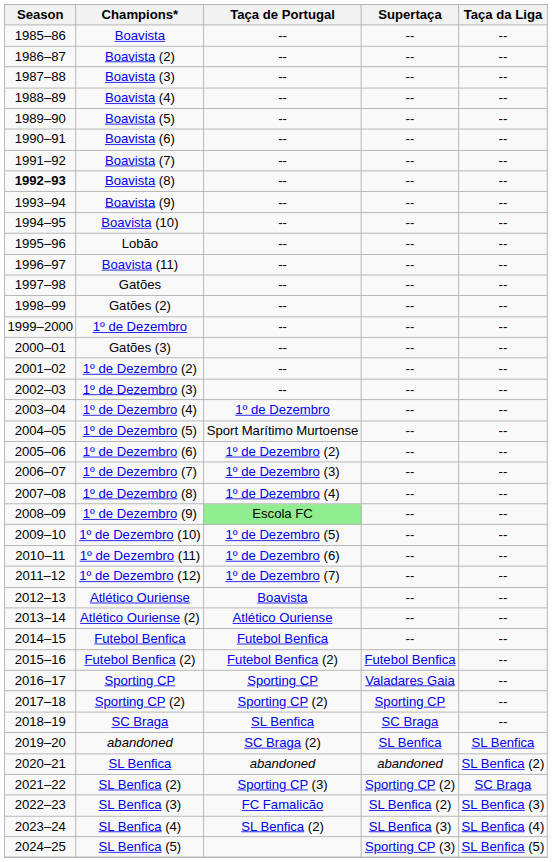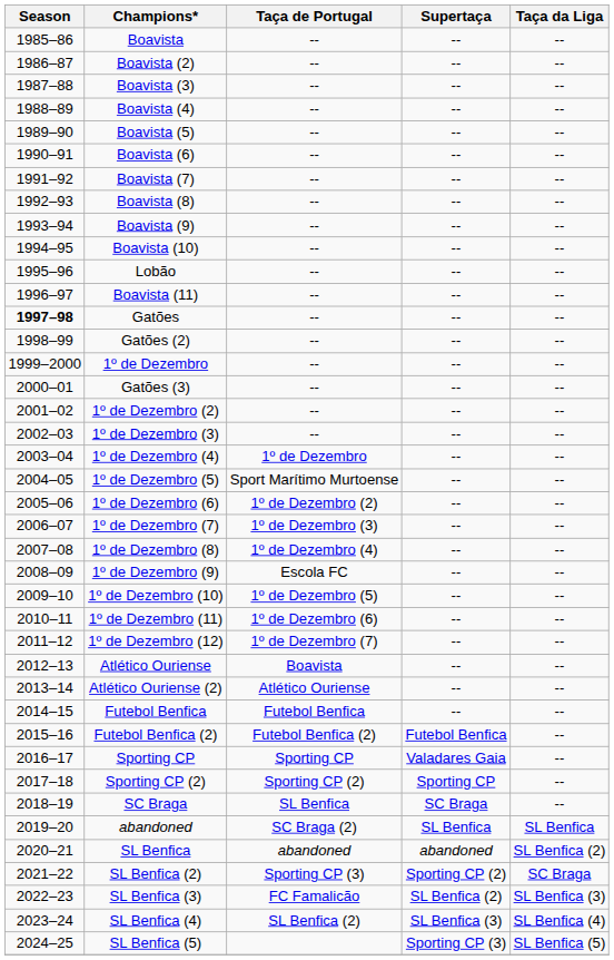 <table class="wikitable sortable" style="text-align:center;">
 <tr>
 <th>Season</th>
 <th>Champions*</th>
 <th>Taça de Portugal</th>
 <th>Supertaça</th>
 <th>Taça da Liga</th>
 </tr>
 <tr>
 <td>1985–86</td>
 <td><a href='#'>Boavista</a></td>
 <td>--</td>
 <td>--</td>
 <td>--</td>
 </tr>
 <tr>
 <td>1986–87</td>
 <td><a href='#'>Boavista</a> (2)</td>
 <td>--</td>
 <td>--</td>
 <td>--</td>
 </tr>
 <tr>
 <td>1987–88</td>
 <td><a href='#'>Boavista</a> (3)</td>
 <td>--</td>
 <td>--</td>
 <td>--</td>
 </tr>
 <tr>
 <td>1988–89</td>
 <td><a href='#'>Boavista</a> (4)</td>
 <td>--</td>
 <td>--</td>
 <td>--</td>
 </tr>
 <tr>
 <td>1989–90</td>
 <td><a href='#'>Boavista</a> (5)</td>
 <td>--</td>
 <td>--</td>
 <td>--</td>
 </tr>
 <tr>
 <td>1990–91</td>
 <td><a href='#'>Boavista</a> (6)</td>
 <td>--</td>
 <td>--</td>
 <td>--</td>
 </tr>
 <tr>
 <td>1991–92</td>
 <td><a href='#'>Boavista</a> (7)</td>
 <td>--</td>
 <td>--</td>
 <td>--</td>
 </tr>
 <tr>
-<td><strong>1992–93</strong></td>
+<td>1992–93</td>
 <td><a href='#'>Boavista</a> (8)</td>
 <td>--</td>
 <td>--</td>
 <td>--</td>
 </tr>
 <tr>
 <td>1993–94</td>
 <td><a href='#'>Boavista</a> (9)</td>
 <td>--</td>
 <td>--</td>
 <td>--</td>
 </tr>
 <tr>
 <td>1994–95</td>
 <td><a href='#'>Boavista</a> (10)</td>
 <td>--</td>
 <td>--</td>
 <td>--</td>
 </tr>
 <tr>
 <td>1995–96</td>
 <td>Lobão</td>
 <td>--</td>
 <td>--</td>
 <td>--</td>
 </tr>
 <tr>
 <td>1996–97</td>
 <td><a href='#'>Boavista</a> (11)</td>
 <td>--</td>
 <td>--</td>
 <td>--</td>
 </tr>
 <tr>
-<td>1997–98</td>
+<td><strong>1997–98</strong></td>
 <td>Gatões</td>
 <td>--</td>
 <td>--</td>
 <td>--</td>
 </tr>
 <tr>
 <td>1998–99</td>
 <td>Gatões (2)</td>
 <td>--</td>
 <td>--</td>
 <td>--</td>
 </tr>
 <tr>
 <td>1999–2000</td>
 <td><a href='#'>1º de Dezembro</a></td>
 <td>--</td>
 <td>--</td>
 <td>--</td>
 </tr>
 <tr>
 <td>2000–01</td>
 <td>Gatões (3)</td>
 <td>--</td>
 <td>--</td>
 <td>--</td>
 </tr>
 <tr>
 <td>2001–02</td>
 <td><a href='#'>1º de Dezembro</a> (2)</td>
 <td>--</td>
 <td>--</td>
 <td>--</td>
 </tr>
 <tr>
 <td>2002–03</td>
 <td><a href='#'>1º de Dezembro</a> (3)</td>
 <td>--</td>
 <td>--</td>
 <td>--</td>
 </tr>
 <tr>
 <td>2003–04</td>
 <td><a href='#'>1º de Dezembro</a> (4)</td>
 <td><a href='#'>1º de Dezembro</a></td>
 <td>--</td>
 <td>--</td>
 </tr>
 <tr>
 <td>2004–05</td>
 <td><a href='#'>1º de Dezembro</a> (5)</td>
 <td>Sport Marítimo Murtoense</td>
 <td>--</td>
 <td>--</td>
 </tr>
 <tr>
 <td>2005–06</td>
 <td><a href='#'>1º de Dezembro</a> (6)</td>
 <td><a href='#'>1º de Dezembro</a> (2)</td>
 <td>--</td>
 <td>--</td>
 </tr>
 <tr>
 <td>2006–07</td>
 <td><a href='#'>1º de Dezembro</a> (7)</td>
 <td><a href='#'>1º de Dezembro</a> (3)</td>
 <td>--</td>
 <td>--</td>
 </tr>
 <tr>
 <td>2007–08</td>
 <td><a href='#'>1º de Dezembro</a> (8)</td>
 <td><a href='#'>1º de Dezembro</a> (4)</td>
 <td>--</td>
 <td>--</td>
 </tr>
 <tr>
 <td>2008–09</td>
 <td><a href='#'>1º de Dezembro</a> (9)</td>
-<td style="background: lightgreen;">Escola FC</td>
+<td>Escola FC</td>
 <td>--</td>
 <td>--</td>
 </tr>
 <tr>
 <td>2009–10</td>
 <td><a href='#'>1º de Dezembro</a> (10)</td>
 <td><a href='#'>1º de Dezembro</a> (5)</td>
 <td>--</td>
 <td>--</td>
 </tr>
 <tr>
 <td>2010–11</td>
 <td><a href='#'>1º de Dezembro</a> (11)</td>
 <td><a href='#'>1º de Dezembro</a> (6)</td>
 <td>--</td>
 <td>--</td>
 </tr>
 <tr>
 <td>2011–12</td>
 <td><a href='#'>1º de Dezembro</a> (12)</td>
 <td><a href='#'>1º de Dezembro</a> (7)</td>
 <td>--</td>
 <td>--</td>
 </tr>
 <tr>
 <td>2012–13</td>
 <td><a href='#'>Atlético Ouriense</a></td>
 <td><a href='#'>Boavista</a></td>
 <td>--</td>
 <td>--</td>
 </tr>
 <tr>
 <td>2013–14</td>
 <td><a href='#'>Atlético Ouriense</a> (2)</td>
 <td><a href='#'>Atlético Ouriense</a></td>
 <td>--</td>
 <td>--</td>
 </tr>
 <tr>
 <td>2014–15</td>
 <td><a href='#'>Futebol Benfica</a></td>
 <td><a href='#'>Futebol Benfica</a></td>
 <td>--</td>
 <td>--</td>
 </tr>
 <tr>
 <td>2015–16</td>
 <td><a href='#'>Futebol Benfica</a> (2)</td>
 <td><a href='#'>Futebol Benfica</a> (2)</td>
 <td><a href='#'>Futebol Benfica</a></td>
 <td>--</td>
 </tr>
 <tr>
 <td>2016–17</td>
 <td><a href='#'>Sporting CP</a></td>
 <td><a href='#'>Sporting CP</a></td>
 <td><a href='#'>Valadares Gaia</a></td>
 <td>--</td>
 </tr>
 <tr>
 <td>2017–18</td>
 <td><a href='#'>Sporting CP</a> (2)</td>
 <td><a href='#'>Sporting CP</a> (2)</td>
 <td><a href='#'>Sporting CP</a></td>
 <td>--</td>
 </tr>
 <tr>
 <td>2018–19</td>
 <td><a href='#'>SC Braga</a></td>
 <td><a href='#'>SL Benfica</a></td>
 <td><a href='#'>SC Braga</a></td>
 <td>--</td>
 </tr>
 <tr>
 <td>2019–20</td>
 <td><em>abandoned</em></td>
 <td><a href='#'>SC Braga</a> (2)</td>
 <td><a href='#'>SL Benfica</a></td>
 <td><a href='#'>SL Benfica</a></td>
 </tr>
 <tr>
 <td>2020–21</td>
 <td><a href='#'>SL Benfica</a></td>
 <td><em>abandoned</em></td>
 <td><em>abandoned</em></td>
 <td><a href='#'>SL Benfica</a> (2)</td>
 </tr>
 <tr>
 <td>2021–22</td>
 <td><a href='#'>SL Benfica</a> (2)</td>
 <td><a href='#'>Sporting CP</a> (3)</td>
 <td><a href='#'>Sporting CP</a> (2)</td>
 <td><a href='#'>SC Braga</a></td>
 </tr>
 <tr>
 <td>2022–23</td>
 <td><a href='#'>SL Benfica</a> (3)</td>
 <td><a href='#'>FC Famalicão</a></td>
 <td><a href='#'>SL Benfica</a> (2)</td>
 <td><a href='#'>SL Benfica</a> (3)</td>
 </tr>
 <tr>
 <td>2023–24</td>
 <td><a href='#'>SL Benfica</a> (4)</td>
 <td><a href='#'>SL Benfica</a> (2)</td>
 <td><a href='#'>SL Benfica</a> (3)</td>
 <td><a href='#'>SL Benfica</a> (4)</td>
 </tr>
 <tr>
 <td>2024–25</td>
 <td><a href='#'>SL Benfica</a> (5)</td>
 <td></td>
 <td><a href='#'>Sporting CP</a> (3)</td>
 <td><a href='#'>SL Benfica</a> (5)</td>
 </tr>
 <tr>
 </tr>
 </table>
